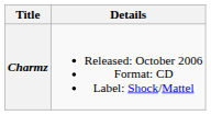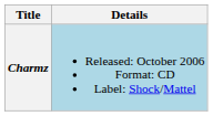 <table class="wikitable plainrowheaders" style="text-align:center;" border="1">
 <tr>
 <th>Title</th>
 <th>Details</th>
 </tr>
 <tr>
 <th scope="row"><em>Charmz</em></th>
-<td><br><ul><li>Released: October 2006</li><li>Format: CD</li><li>Label: <a href='#'>Shock</a>/<a href='#'>Mattel</a></li></ul></td>
+<td style="background: lightblue;"><br><ul><li>Released: October 2006</li><li>Format: CD</li><li>Label: <a href='#'>Shock</a>/<a href='#'>Mattel</a></li></ul></td>
 </tr>
 </table>
